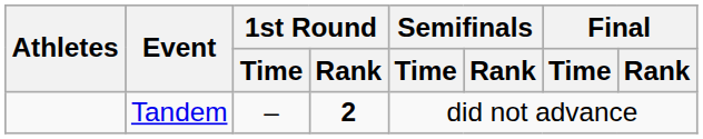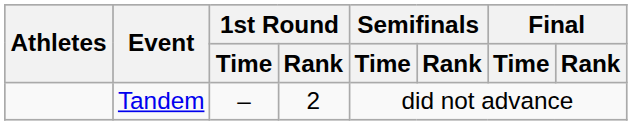 <table class=wikitable style=font-size:90%;text-align:center>
 <tr>
 <th rowspan=2>Athletes</th>
 <th rowspan=2>Event</th>
 <th colspan=2>1st Round</th>
 <th colspan=2>Semifinals</th>
 <th colspan=2>Final</th>
 </tr>
 <tr>
 <th>Time</th>
 <th>Rank</th>
 <th>Time</th>
 <th>Rank</th>
 <th>Time</th>
 <th>Rank</th>
 </tr>
 <tr>
 <td align=left></td>
 <td align=left><a href='#'>Tandem</a></td>
 <td>–</td>
-<td><strong>2</strong></td>
+<td>2</td>
 <td colspan=4>did not advance</td>
 </tr>
 </table>
